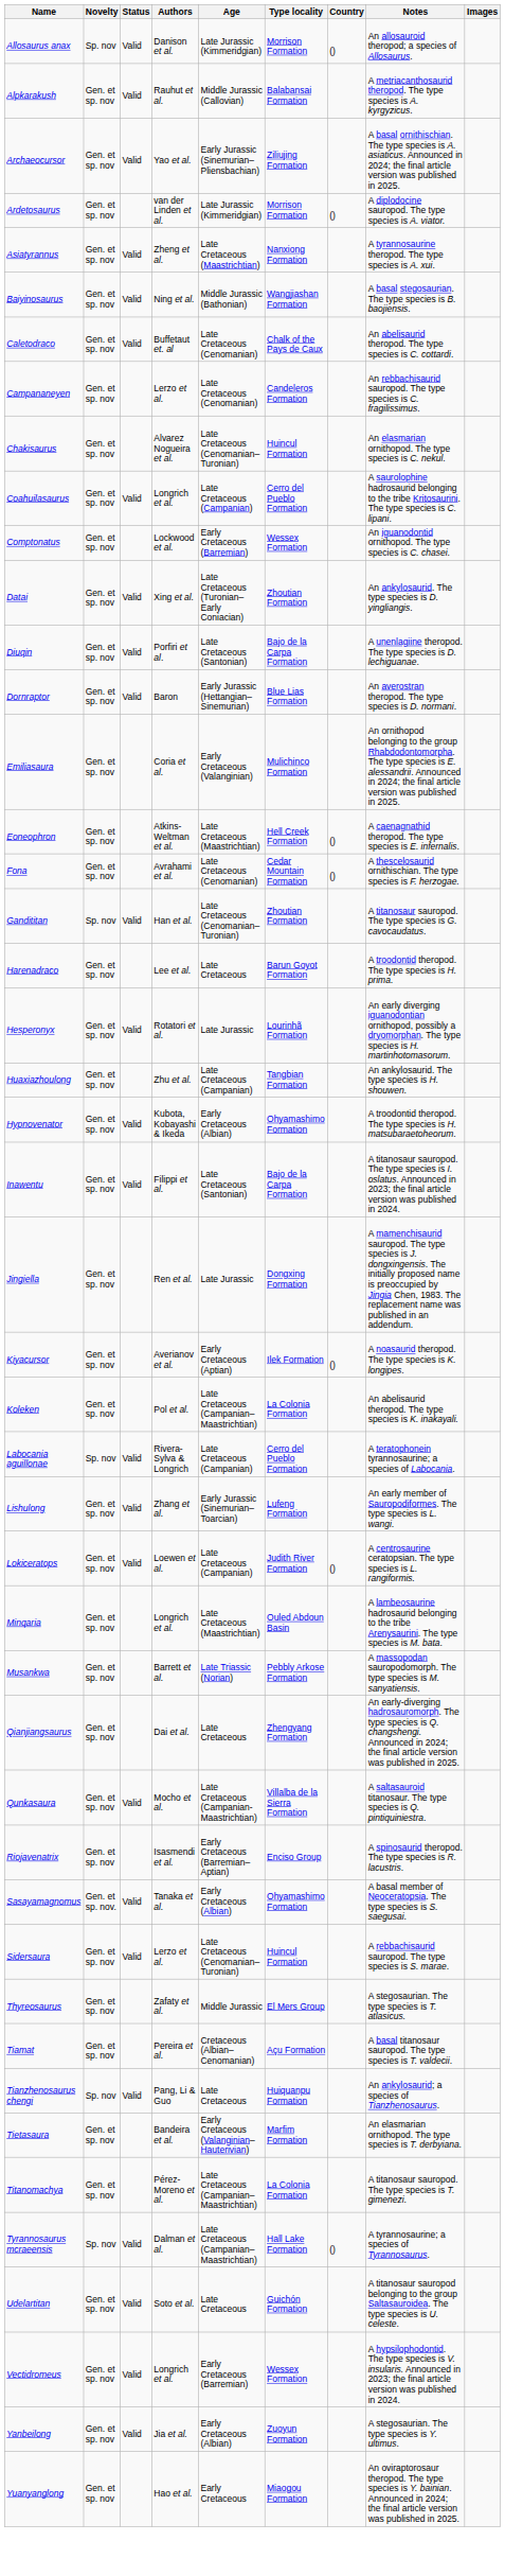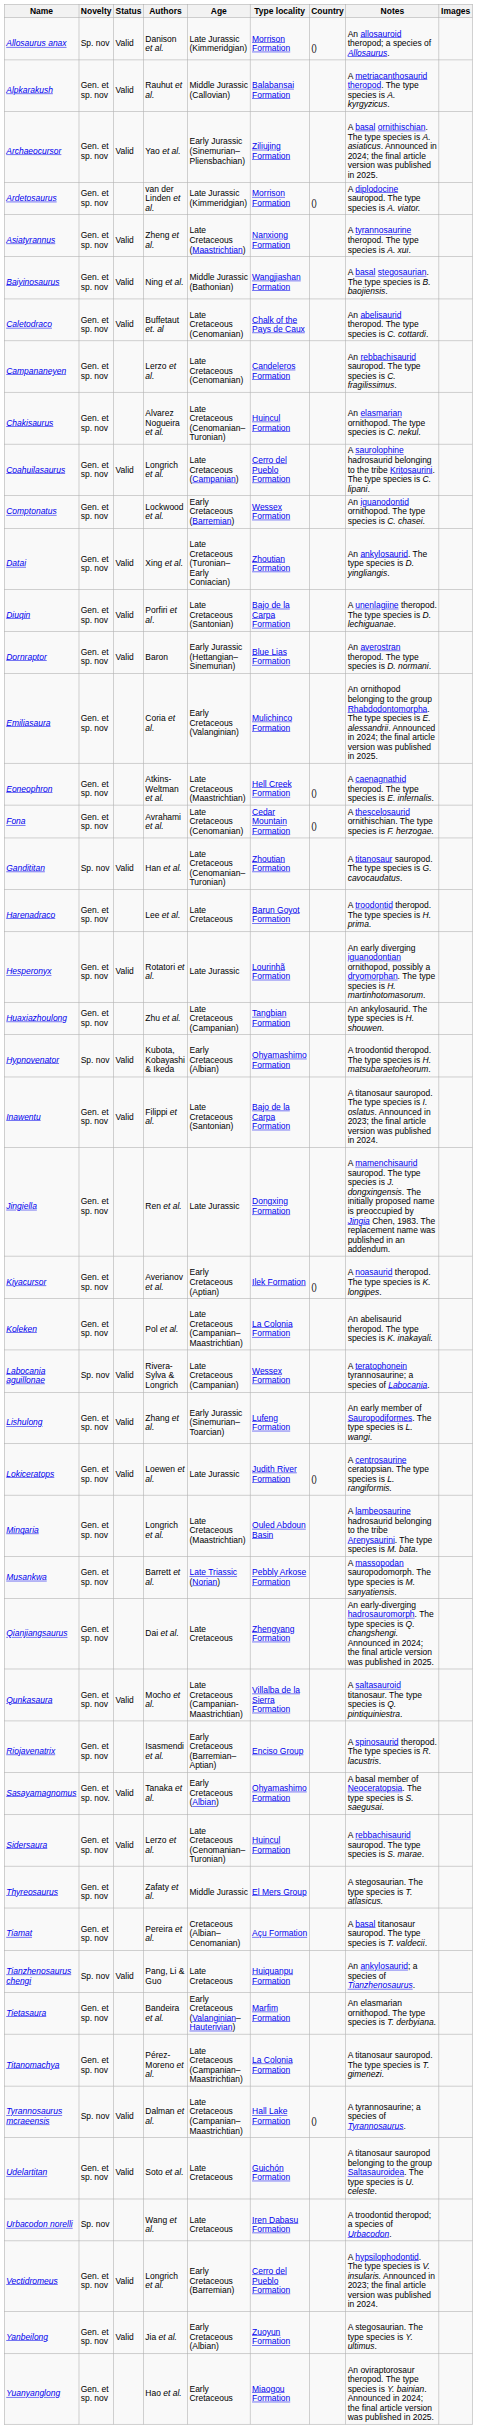 <table class="wikitable sortable" width="100%" align="center">
 <tr>
 <th>Name</th>
 <th>Novelty</th>
 <th>Status</th>
 <th>Authors</th>
 <th>Age</th>
 <th>Type locality</th>
 <th>Country</th>
 <th>Notes</th>
 <th>Images</th>
 </tr>
 <tr>
 <td><br><em><a href='#'>Allosaurus anax</a></em></td>
 <td><br>Sp. nov</td>
 <td><br>Valid</td>
 <td><br>Danison <em>et al.</em></td>
 <td><br>Late Jurassic (Kimmeridgian)</td>
 <td><br><a href='#'>Morrison Formation</a></td>
 <td><br><br>()</td>
 <td><br>An <a href='#'>allosauroid</a> theropod; a species of <em><a href='#'>Allosaurus</a></em>.</td>
 <td><br></td>
 </tr>
 <tr>
 <td><br><em><a href='#'>Alpkarakush</a></em></td>
 <td><br>Gen. et sp. nov</td>
 <td><br>Valid</td>
 <td><br>Rauhut <em>et al.</em></td>
 <td><br>Middle Jurassic (Callovian)</td>
 <td><br><a href='#'>Balabansai Formation</a></td>
 <td><br></td>
 <td><br>A <a href='#'>metriacanthosaurid</a> <a href='#'>theropod</a>. The type species is <em>A. kyrgyzicus</em>.</td>
 <td></td>
 </tr>
 <tr>
 <td><br><em><a href='#'>Archaeocursor</a></em></td>
 <td><br>Gen. et sp. nov</td>
 <td><br>Valid</td>
 <td><br>Yao <em>et al.</em></td>
 <td><br>Early Jurassic (Sinemurian–Pliensbachian)</td>
 <td><br><a href='#'>Ziliujing Formation</a></td>
 <td><br></td>
 <td><br>A <a href='#'>basal</a> <a href='#'>ornithischian</a>. The type species is <em>A. asiaticus</em>.  Announced in 2024; the final article version was published in 2025.</td>
 <td><br></td>
 </tr>
 <tr>
 <td><em><a href='#'>Ardetosaurus</a></em></td>
 <td>Gen. et sp. nov</td>
 <td></td>
 <td>van der Linden <em>et al.</em></td>
 <td>Late Jurassic (Kimmeridgian)</td>
 <td><a href='#'>Morrison Formation</a></td>
 <td><br>()</td>
 <td>A <a href='#'>diplodocine</a> sauropod. The type species is <em>A. viator.</em></td>
 <td></td>
 </tr>
 <tr>
 <td><br><em><a href='#'>Asiatyrannus</a></em></td>
 <td><br>Gen. et sp. nov</td>
 <td><br>Valid</td>
 <td><br>Zheng <em>et al.</em></td>
 <td><br>Late Cretaceous (<a href='#'>Maastrichtian</a>)</td>
 <td><br><a href='#'>Nanxiong Formation</a></td>
 <td><br></td>
 <td><br>A <a href='#'>tyrannosaurine</a> theropod. The type species is <em>A. xui</em>.</td>
 <td></td>
 </tr>
 <tr>
 <td><br><em><a href='#'>Baiyinosaurus</a></em></td>
 <td><br>Gen. et sp. nov</td>
 <td><br>Valid</td>
 <td><br>Ning  <em>et al.</em></td>
 <td><br>Middle Jurassic (Bathonian)</td>
 <td><br><a href='#'>Wangjiashan Formation</a></td>
 <td><br></td>
 <td><br>A <a href='#'>basal</a> <a href='#'>stegosaurian</a>. The type species is <em>B. baojiensis</em>.</td>
 <td></td>
 </tr>
 <tr>
 <td><br><em><a href='#'>Caletodraco</a></em></td>
 <td><br>Gen. et sp. nov</td>
 <td><br>Valid</td>
 <td><br>Buffetaut <em>et. al</em></td>
 <td><br>Late Cretaceous (Cenomanian)</td>
 <td><br><a href='#'>Chalk of the Pays de Caux</a></td>
 <td><br></td>
 <td><br>An <a href='#'>abelisaurid</a> theropod. The type species is <em>C. cottardi</em>.</td>
 <td></td>
 </tr>
 <tr>
 <td><br><em><a href='#'>Campananeyen</a></em></td>
 <td><br>Gen. et sp. nov</td>
 <td></td>
 <td><br>Lerzo <em>et al.</em></td>
 <td><br>Late Cretaceous (Cenomanian)</td>
 <td><br><a href='#'>Candeleros Formation</a></td>
 <td><br></td>
 <td><br>An <a href='#'>rebbachisaurid</a> sauropod. The type species is <em>C. fragilissimus</em>.</td>
 <td></td>
 </tr>
 <tr>
 <td><br><em><a href='#'>Chakisaurus</a></em></td>
 <td><br>Gen. et sp. nov</td>
 <td></td>
 <td><br>Alvarez Nogueira <em>et al.</em></td>
 <td><br>Late Cretaceous (Cenomanian–Turonian)</td>
 <td><br><a href='#'>Huincul Formation</a></td>
 <td><br></td>
 <td><br>An <a href='#'>elasmarian</a> ornithopod. The type species is <em>C. nekul</em>.</td>
 <td><div></div></td>
 </tr>
 <tr>
 <td><em><a href='#'>Coahuilasaurus</a></em></td>
 <td>Gen. et sp. nov</td>
 <td>Valid</td>
 <td>Longrich <em>et al.</em></td>
 <td>Late Cretaceous (<a href='#'>Campanian</a>)</td>
 <td><a href='#'>Cerro del Pueblo Formation</a></td>
 <td></td>
 <td>A <a href='#'>saurolophine</a> hadrosaurid belonging to the tribe <a href='#'>Kritosaurini</a>. The type species is <em>C. lipani</em>.</td>
 <td></td>
 </tr>
 <tr>
 <td><em><a href='#'>Comptonatus</a></em></td>
 <td>Gen. et sp. nov</td>
 <td></td>
 <td>Lockwood <em>et al.</em></td>
 <td>Early Cretaceous (<a href='#'>Barremian</a>)</td>
 <td><a href='#'>Wessex Formation</a></td>
 <td></td>
 <td>An <a href='#'>iguanodontid</a> ornithopod. The type species is <em>C. chasei</em>.</td>
 <td></td>
 </tr>
 <tr>
 <td><br><em><a href='#'>Datai</a></em></td>
 <td><br>Gen. et sp. nov</td>
 <td><br>Valid</td>
 <td><br>Xing <em>et al.</em></td>
 <td><br>Late Cretaceous (Turonian–Early Coniacian)</td>
 <td><br><a href='#'>Zhoutian Formation</a></td>
 <td><br></td>
 <td><br>An <a href='#'>ankylosaurid</a>. The type species is <em>D. yingliangis</em>.</td>
 <td></td>
 </tr>
 <tr>
 <td><br><em><a href='#'>Diuqin</a></em></td>
 <td><br>Gen. et sp. nov</td>
 <td><br>Valid</td>
 <td><br>Porfiri <em>et al</em>.</td>
 <td><br>Late Cretaceous (Santonian)</td>
 <td><br><a href='#'>Bajo de la Carpa Formation</a></td>
 <td><br></td>
 <td><br>A <a href='#'>unenlagiine</a> theropod. The type species is <em>D. lechiguanae</em>.</td>
 <td></td>
 </tr>
 <tr>
 <td><br><em><a href='#'>Dornraptor</a></em></td>
 <td><br>Gen. et sp. nov</td>
 <td><br>Valid</td>
 <td><br>Baron</td>
 <td><br>Early Jurassic (Hettangian–Sinemurian)</td>
 <td><br><a href='#'>Blue Lias Formation</a></td>
 <td><br></td>
 <td><br>An <a href='#'>averostran</a> theropod. The type species is <em>D. normani</em>.</td>
 <td></td>
 </tr>
 <tr>
 <td><br><em><a href='#'>Emiliasaura</a></em></td>
 <td><br>Gen. et sp. nov</td>
 <td></td>
 <td><br>Coria <em>et al.</em></td>
 <td><br>Early Cretaceous (Valanginian)</td>
 <td><br><a href='#'>Mulichinco Formation</a></td>
 <td><br></td>
 <td><br>An ornithopod belonging to the group <a href='#'>Rhabdodontomorpha</a>. The type species is <em>E. alessandrii</em>. Announced in 2024; the final article version was published in 2025.</td>
 <td><br></td>
 </tr>
 <tr>
 <td><br><em><a href='#'>Eoneophron</a></em></td>
 <td><br>Gen. et sp. nov</td>
 <td></td>
 <td><br>Atkins-Weltman <em>et al.</em></td>
 <td><br>Late Cretaceous (Maastrichtian)</td>
 <td><br><a href='#'>Hell Creek Formation</a></td>
 <td><br><br>()</td>
 <td><br>A <a href='#'>caenagnathid</a> theropod. The type species is <em>E. infernalis</em>.</td>
 <td></td>
 </tr>
 <tr>
 <td><em><a href='#'>Fona</a></em></td>
 <td>Gen. et sp. nov</td>
 <td></td>
 <td>Avrahami <em>et al.</em></td>
 <td>Late Cretaceous (Cenomanian)</td>
 <td><a href='#'>Cedar Mountain Formation</a></td>
 <td><br>()</td>
 <td>A <a href='#'>thescelosaurid</a> ornithischian. The type species is <em>F. herzogae.</em></td>
 <td></td>
 </tr>
 <tr>
 <td><br><em><a href='#'>Gandititan</a></em></td>
 <td><br>Sp. nov</td>
 <td><br>Valid</td>
 <td><br>Han <em>et al.</em></td>
 <td><br>Late Cretaceous (Cenomanian–Turonian)</td>
 <td><a href='#'>Zhoutian Formation</a></td>
 <td><br></td>
 <td><br>A <a href='#'>titanosaur</a> sauropod. The type species is <em>G. cavocaudatus</em>.</td>
 <td><div></div></td>
 </tr>
 <tr>
 <td><br><em><a href='#'>Harenadraco</a></em></td>
 <td><br>Gen. et sp. nov</td>
 <td></td>
 <td><br>Lee <em>et al.</em></td>
 <td><br>Late Cretaceous</td>
 <td><br><a href='#'>Barun Goyot Formation</a></td>
 <td><br></td>
 <td><br>A <a href='#'>troodontid</a> theropod. The type species is <em>H. prima</em>.</td>
 <td></td>
 </tr>
 <tr>
 <td><br><em><a href='#'>Hesperonyx</a></em></td>
 <td><br>Gen. et sp. nov</td>
 <td><br>Valid</td>
 <td><br>Rotatori <em>et al.</em></td>
 <td><br>Late Jurassic</td>
 <td><br><a href='#'>Lourinhã Formation</a></td>
 <td><br></td>
 <td><br>An early diverging <a href='#'>iguanodontian</a> ornithopod, possibly a <a href='#'>dryomorphan</a>. The type species is <em>H. martinhotomasorum</em>.</td>
 <td></td>
 </tr>
 <tr>
 <td><em><a href='#'>Huaxiazhoulong</a></em></td>
 <td>Gen. et sp. nov</td>
 <td></td>
 <td>Zhu <em>et al.</em></td>
 <td>Late Cretaceous (Campanian)</td>
 <td><a href='#'>Tangbian Formation</a></td>
 <td></td>
 <td>An ankylosaurid. The type species is <em>H. shouwen</em>.</td>
 <td></td>
 </tr>
 <tr>
 <td><br><em><a href='#'>Hypnovenator</a></em></td>
-<td><br>Gen. et sp. nov</td>
+<td><br>Sp. nov</td>
 <td><br>Valid</td>
 <td><br>Kubota, Kobayashi & Ikeda</td>
 <td><br>Early Cretaceous (Albian)</td>
 <td><br><a href='#'>Ohyamashimo Formation</a></td>
 <td><br></td>
 <td><br>A troodontid theropod. The type species is <em>H. matsubaraetoheorum</em>.</td>
 <td></td>
 </tr>
 <tr>
 <td><br><em><a href='#'>Inawentu</a></em></td>
 <td><br>Gen. et sp. nov</td>
 <td><br>Valid</td>
 <td><br>Filippi <em>et al.</em></td>
 <td><br>Late Cretaceous (Santonian)</td>
 <td><br><a href='#'>Bajo de la Carpa Formation</a></td>
 <td><br></td>
 <td><br>A titanosaur sauropod. The type species is <em>I. oslatus</em>. Announced in 2023; the final article version was published in 2024.</td>
 <td></td>
 </tr>
 <tr>
 <td><br><em><a href='#'>Jingiella</a></em></td>
 <td><br>Gen. et sp. nov</td>
 <td></td>
 <td><br>Ren <em>et al.</em></td>
 <td><br>Late Jurassic</td>
 <td><br><a href='#'>Dongxing Formation</a></td>
 <td><br></td>
 <td><br>A <a href='#'>mamenchisaurid</a> sauropod. The type species is <em>J. dongxingensis</em>. The initially proposed name is preoccupied by <em><a href='#'>Jingia</a></em> Chen, 1983. The replacement name was published in an addendum.</td>
 <td><div></div></td>
 </tr>
 <tr>
 <td><br><em><a href='#'>Kiyacursor</a></em></td>
 <td><br>Gen. et sp. nov</td>
 <td></td>
 <td><br>Averianov  <em>et al.</em></td>
 <td><br>Early Cretaceous (Aptian)</td>
 <td><br><a href='#'>Ilek Formation</a></td>
 <td><br><br>()</td>
 <td><br>A <a href='#'>noasaurid</a> theropod. The type species is <em>K. longipes</em>.</td>
 <td><br></td>
 </tr>
 <tr>
 <td><br><em><a href='#'>Koleken</a></em></td>
 <td><br>Gen. et sp. nov</td>
 <td></td>
 <td><br>Pol <em>et al.</em></td>
 <td><br>Late Cretaceous (Campanian–Maastrichtian)</td>
 <td><br><a href='#'>La Colonia Formation</a></td>
 <td><br></td>
 <td><br>An abelisaurid theropod. The type species is <em>K. inakayali.</em></td>
 <td></td>
 </tr>
 <tr>
 <td><br><em><a href='#'>Labocania aguillonae</a></em></td>
 <td><br>Sp. nov</td>
 <td><br>Valid</td>
 <td><br>Rivera-Sylva & Longrich</td>
 <td><br>Late Cretaceous (Campanian)</td>
-<td><br><a href='#'>Cerro del Pueblo Formation</a></td>
+<td><br><a href='#'>Wessex Formation</a></td>
 <td><br></td>
 <td><br>A <a href='#'>teratophonein</a> tyrannosaurine; a species of <em><a href='#'>Labocania</a></em>.</td>
 <td></td>
 </tr>
 <tr>
 <td><br><em><a href='#'>Lishulong</a></em></td>
 <td><br>Gen. et sp. nov</td>
 <td><br>Valid</td>
 <td><br>Zhang <em>et al.</em></td>
 <td><br>Early Jurassic (Sinemurian–Toarcian)</td>
 <td><br><a href='#'>Lufeng Formation</a></td>
 <td><br></td>
 <td><br>An early member of <a href='#'>Sauropodiformes</a>. The type species is <em>L. wangi</em>.</td>
 <td><br></td>
 </tr>
 <tr>
 <td><br><em><a href='#'>Lokiceratops</a></em></td>
 <td><br>Gen. et sp. nov</td>
 <td><br>Valid</td>
 <td><br>Loewen <em>et al.</em></td>
-<td><br>Late Cretaceous (Campanian)</td>
+<td><br>Late Jurassic</td>
 <td><br><a href='#'>Judith River Formation</a></td>
 <td><br><br>()</td>
 <td><br>A <a href='#'>centrosaurine</a> ceratopsian. The type species is <em>L. rangiformis.</em></td>
 <td><br></td>
 </tr>
 <tr>
 <td><br><em><a href='#'>Minqaria</a></em></td>
 <td><br>Gen. et sp. nov</td>
 <td></td>
 <td><br>Longrich <em>et al.</em></td>
 <td><br>Late Cretaceous (Maastrichtian)</td>
 <td><br><a href='#'>Ouled Abdoun Basin</a></td>
 <td><br></td>
 <td><br>A <a href='#'>lambeosaurine</a> hadrosaurid belonging to the tribe <a href='#'>Arenysaurini</a>. The type species is <em>M. bata</em>.</td>
 <td></td>
 </tr>
 <tr>
 <td><em><a href='#'>Musankwa</a></em></td>
 <td>Gen. et sp. nov</td>
 <td></td>
 <td>Barrett <em>et al.</em></td>
 <td><a href='#'>Late Triassic</a> (<a href='#'>Norian</a>)</td>
 <td><a href='#'>Pebbly Arkose Formation</a></td>
 <td></td>
 <td>A <a href='#'>massopodan</a> sauropodomorph. The type species is <em>M. sanyatiensis</em>.</td>
 <td></td>
 </tr>
 <tr>
 <td><em><a href='#'>Qianjiangsaurus</a></em></td>
 <td>Gen. et sp. nov</td>
 <td></td>
 <td>Dai <em>et al.</em></td>
 <td>Late Cretaceous</td>
 <td><a href='#'>Zhengyang Formation</a></td>
 <td></td>
 <td>An early-diverging <a href='#'>hadrosauromorph</a>. The type species is <em>Q. changshengi.</em> Announced in 2024; the final article version was published in 2025.</td>
 <td></td>
 </tr>
 <tr>
 <td><br><em><a href='#'>Qunkasaura</a></em></td>
 <td><br>Gen. et sp. nov</td>
 <td><br>Valid</td>
 <td><br>Mocho <em>et al.</em></td>
 <td><br>Late Cretaceous (Campanian-Maastrichtian)</td>
 <td><br><a href='#'>Villalba de la Sierra Formation</a></td>
 <td><br></td>
 <td><br>A <a href='#'>saltasauroid</a> titanosaur. The type species is <em>Q. pintiquiniestra</em>.</td>
 <td><br></td>
 </tr>
 <tr>
 <td><br><em><a href='#'>Riojavenatrix</a></em></td>
 <td><br>Gen. et sp. nov</td>
 <td></td>
 <td><br>Isasmendi <em>et al.</em></td>
 <td><br>Early Cretaceous (Barremian–Aptian)</td>
 <td><br><a href='#'>Enciso Group</a></td>
 <td><br></td>
 <td><br>A <a href='#'>spinosaurid</a> theropod. The type species is <em>R. lacustris</em>.</td>
 <td></td>
 </tr>
 <tr>
 <td><em><a href='#'>Sasayamagnomus</a></em></td>
 <td>Gen. et sp. nov.</td>
 <td>Valid</td>
 <td>Tanaka <em>et al.</em></td>
 <td>Early Cretaceous (<a href='#'>Albian</a>)</td>
 <td><a href='#'>Ohyamashimo Formation</a></td>
 <td></td>
 <td>A basal member of <a href='#'>Neoceratopsia</a>. The type species is <em>S. saegusai</em>.</td>
 <td></td>
 </tr>
 <tr>
 <td><br><em><a href='#'>Sidersaura</a></em></td>
 <td><br>Gen. et sp. nov</td>
 <td><br>Valid</td>
 <td><br>Lerzo <em>et al.</em></td>
 <td><br>Late Cretaceous (Cenomanian–Turonian)</td>
 <td><br><a href='#'>Huincul Formation</a></td>
 <td><br></td>
 <td><br>A <a href='#'>rebbachisaurid</a> sauropod. The type species is <em>S. marae</em>.</td>
 <td></td>
 </tr>
 <tr>
 <td><br><em><a href='#'>Thyreosaurus</a></em></td>
 <td><br>Gen. et sp. nov</td>
 <td></td>
 <td><br>Zafaty <em>et al.</em></td>
 <td><br>Middle Jurassic</td>
 <td><br><a href='#'>El Mers Group</a></td>
 <td><br></td>
 <td><br>A stegosaurian. The type species is <em>T. atlasicus.</em></td>
 <td></td>
 </tr>
 <tr>
 <td><br><em><a href='#'>Tiamat</a></em></td>
 <td><br>Gen. et sp. nov</td>
 <td></td>
 <td><br>Pereira  <em>et al.</em></td>
 <td><br>Cretaceous (Albian–Cenomanian)</td>
 <td><br><a href='#'>Açu Formation</a></td>
 <td><br></td>
 <td><br>A <a href='#'>basal</a> titanosaur sauropod. The type species is <em>T. valdecii</em>.</td>
 <td></td>
 </tr>
 <tr>
 <td><br><em><a href='#'>Tianzhenosaurus chengi</a></em></td>
 <td><br>Sp. nov</td>
 <td><br>Valid</td>
 <td><br>Pang, Li & Guo</td>
 <td><br>Late Cretaceous</td>
 <td><br><a href='#'>Huiquanpu Formation</a></td>
 <td><br></td>
 <td><br>An <a href='#'>ankylosaurid</a>; a species of <em><a href='#'>Tianzhenosaurus</a></em>.</td>
 <td><br></td>
 </tr>
 <tr>
 <td><em><a href='#'>Tietasaura</a></em></td>
 <td>Gen. et sp. nov</td>
 <td></td>
 <td>Bandeira <em>et al.</em></td>
 <td>Early Cretaceous (<a href='#'>Valanginian</a>–<a href='#'>Hauterivian</a>)</td>
 <td><a href='#'>Marfim Formation</a></td>
 <td></td>
 <td>An elasmarian ornithopod. The type species is <em>T. derbyiana</em>.</td>
 <td></td>
 </tr>
 <tr>
 <td><br><em><a href='#'>Titanomachya</a></em></td>
 <td><br>Gen. et sp. nov</td>
 <td></td>
 <td><br>Pérez-Moreno <em>et al.</em></td>
 <td><br>Late Cretaceous (Campanian–Maastrichtian)</td>
 <td><br><a href='#'>La Colonia Formation</a></td>
 <td><br></td>
 <td><br>A titanosaur sauropod. The type species is <em>T. gimenezi</em>.</td>
 <td></td>
 </tr>
 <tr>
 <td><br><em><a href='#'>Tyrannosaurus mcraeensis</a></em></td>
 <td><br>Sp. nov</td>
 <td><br>Valid</td>
 <td><br>Dalman <em>et al.</em></td>
 <td><br>Late Cretaceous (Campanian–Maastrichtian)</td>
 <td><br><a href='#'>Hall Lake Formation</a></td>
 <td><br><br>()</td>
 <td><br>A tyrannosaurine; a species of <em><a href='#'>Tyrannosaurus</a></em>.</td>
 <td><br></td>
 </tr>
 <tr>
 <td><br><em><a href='#'>Udelartitan</a></em></td>
 <td><br>Gen. et sp. nov</td>
 <td><br>Valid</td>
 <td><br>Soto <em>et al.</em></td>
 <td><br>Late Cretaceous</td>
 <td><br><a href='#'>Guichón Formation</a></td>
 <td><br></td>
 <td><br>A titanosaur sauropod belonging to the group <a href='#'>Saltasauroidea</a>. The type species is <em>U. celeste</em>.</td>
 <td><div></div></td>
 </tr>
 <tr>
+<td><br><em><a href='#'>Urbacodon norelli</a></em></td>
+<td><br>Sp. nov</td>
+<td></td>
+<td><br>Wang <em>et al.</em></td>
+<td><br>Late Cretaceous</td>
+<td><br><a href='#'>Iren Dabasu Formation</a></td>
+<td><br></td>
+<td><br>A troodontid theropod; a species of <em><a href='#'>Urbacodon</a></em>.</td>
+<td><br></td>
+</tr>
+<tr>
 <td><br><em><a href='#'>Vectidromeus</a></em></td>
 <td><br>Gen. et sp. nov</td>
 <td><br>Valid</td>
 <td><br>Longrich <em>et al.</em></td>
 <td><br>Early Cretaceous (Barremian)</td>
-<td><br><a href='#'>Wessex Formation</a></td>
+<td><br><a href='#'>Cerro del Pueblo Formation</a></td>
 <td><br></td>
 <td><br>A <a href='#'>hypsilophodontid</a>. The type species is <em>V. insularis.</em> Announced in 2023; the final article version was published in 2024.</td>
 <td><br><div></div></td>
 </tr>
 <tr>
 <td><br><em><a href='#'>Yanbeilong</a></em></td>
 <td><br>Gen. et sp. nov</td>
 <td><br>Valid</td>
 <td><br>Jia <em>et al.</em></td>
 <td><br>Early Cretaceous (Albian)</td>
 <td><br><a href='#'>Zuoyun Formation</a></td>
 <td><br></td>
 <td><br>A stegosaurian. The type species is <em>Y. ultimus</em>.</td>
 <td></td>
 </tr>
 <tr>
 <td><br><em><a href='#'>Yuanyanglong</a></em></td>
 <td><br>Gen. et sp. nov</td>
 <td></td>
 <td><br>Hao <em>et al.</em></td>
 <td><br>Early Cretaceous</td>
 <td><br><a href='#'>Miaogou Formation</a></td>
 <td><br></td>
 <td><br>An oviraptorosaur theropod. The type species is <em>Y. bainian</em>.  Announced in 2024; the final article version was published in 2025.</td>
 <td></td>
 </tr>
 </table>
